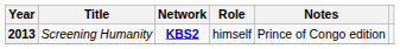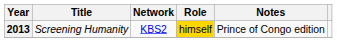 <table class="wikitable plainrowheaders" style="text-align:center;">
 <tr>
 <th scope="col">Year</th>
 <th scope="col">Title</th>
 <th scope="col">Network</th>
 <th scope="col">Role</th>
 <th scope="col">Notes</th>
 <th scope="col"></th>
 </tr>
 <tr>
 <th scope="row">2013</th>
 <td><em>Screening Humanity</em></td>
-<td><strong><a href='#'>KBS2</a></strong></td>
-<td>himself</td>
+<td><a href='#'>KBS2</a></td>
+<td style="background: gold;">himself</td>
 <td>Prince of Congo edition</td>
 <td></td>
 </tr>
 <tr>
 </tr>
 </table>
